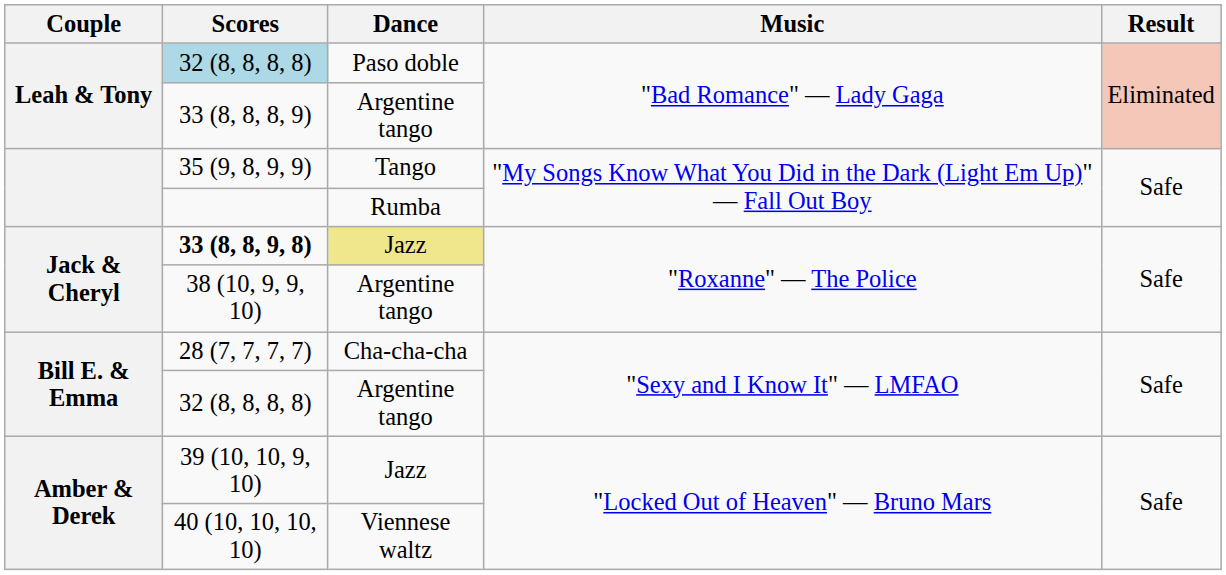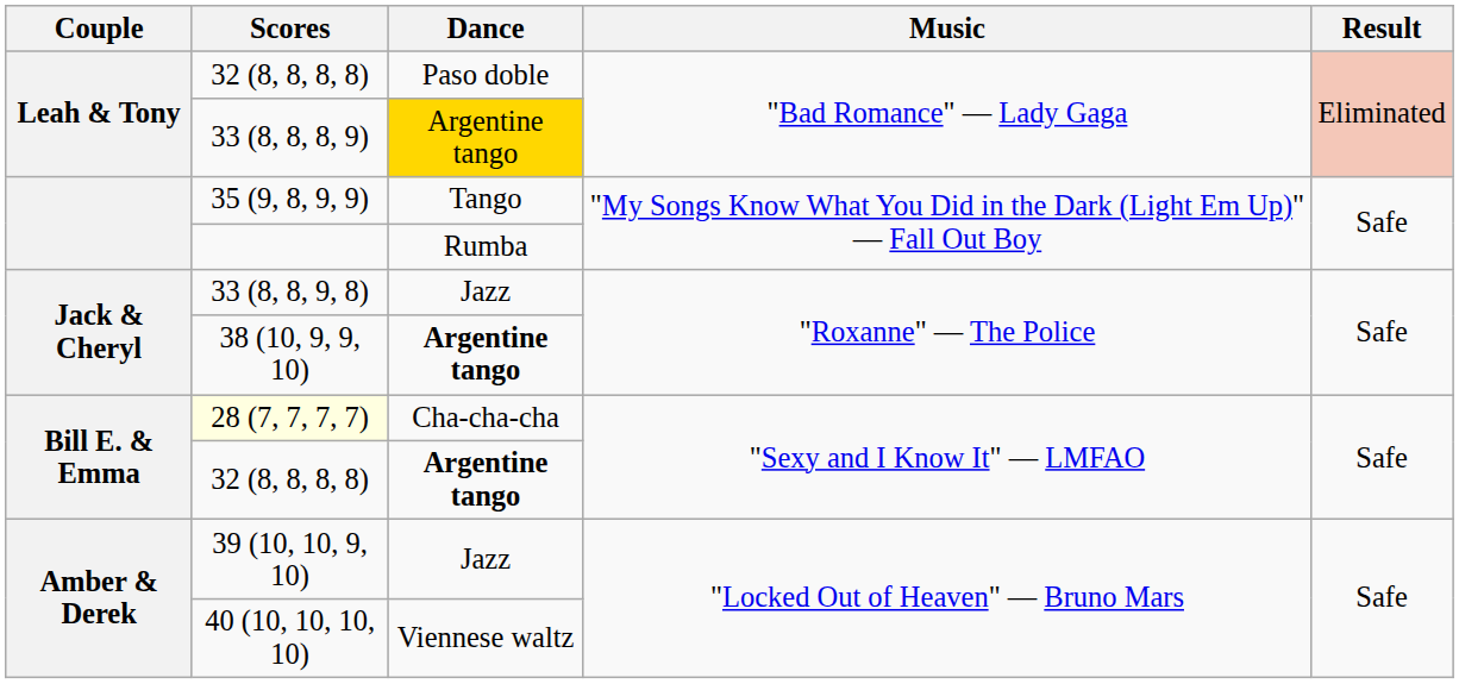 <table class="wikitable sortable" style="text-align:center; width:90%">
 <tr>
 <th scope="col">Couple</th>
 <th scope="col">Scores</th>
 <th scope="col" class="unsortable">Dance</th>
 <th scope="col" class="unsortable">Music</th>
 <th scope="col" class="unsortable">Result</th>
 </tr>
 <tr>
 <th scope="row" rowspan=2>Leah & Tony</th>
-<td style="background: lightblue;">32 (8, 8, 8, 8)</td>
+<td>32 (8, 8, 8, 8)</td>
 <td>Paso doble</td>
 <td rowspan=2>"<a href='#'>Bad Romance</a>" — <a href='#'>Lady Gaga</a></td>
 <td rowspan=2 bgcolor=f4c7b8>Eliminated</td>
 </tr>
 <tr>
 <td>33 (8, 8, 8, 9)</td>
-<td>Argentine tango</td>
+<td style="background: gold;">Argentine tango</td>
 </tr>
 <tr>
 <th scope="row" rowspan=2></th>
 <td>35 (9, 8, 9, 9)</td>
 <td>Tango</td>
 <td rowspan=2>"<a href='#'>My Songs Know What You Did in the Dark (Light Em Up)</a>" — <a href='#'>Fall Out Boy</a></td>
 <td rowspan=2>Safe</td>
 </tr>
 <tr>
 <td></td>
 <td>Rumba</td>
 </tr>
 <tr>
 <th scope="row" rowspan=2>Jack & Cheryl</th>
-<td><strong>33 (8, 8, 9, 8)</strong></td>
-<td style="background: khaki;">Jazz</td>
+<td>33 (8, 8, 9, 8)</td>
+<td>Jazz</td>
 <td rowspan=2>"<a href='#'>Roxanne</a>" — <a href='#'>The Police</a></td>
 <td rowspan=2>Safe</td>
 </tr>
 <tr>
 <td>38 (10, 9, 9, 10)</td>
-<td>Argentine tango</td>
+<td><strong>Argentine tango</strong></td>
 </tr>
 <tr>
 <th scope="row" rowspan=2>Bill E. & Emma</th>
-<td>28 (7, 7, 7, 7)</td>
+<td style="background: lightyellow;">28 (7, 7, 7, 7)</td>
 <td>Cha-cha-cha</td>
 <td rowspan=2>"<a href='#'>Sexy and I Know It</a>" — <a href='#'>LMFAO</a></td>
 <td rowspan=2>Safe</td>
 </tr>
 <tr>
 <td>32 (8, 8, 8, 8)</td>
-<td>Argentine tango</td>
+<td><strong>Argentine tango</strong></td>
 </tr>
 <tr>
 <th scope="row" rowspan=2>Amber & Derek</th>
 <td>39 (10, 10, 9, 10)</td>
 <td>Jazz</td>
 <td rowspan=2>"<a href='#'>Locked Out of Heaven</a>" — <a href='#'>Bruno Mars</a></td>
 <td rowspan=2>Safe</td>
 </tr>
 <tr>
 <td>40 (10, 10, 10, 10)</td>
 <td>Viennese waltz</td>
 </tr>
 </table>
